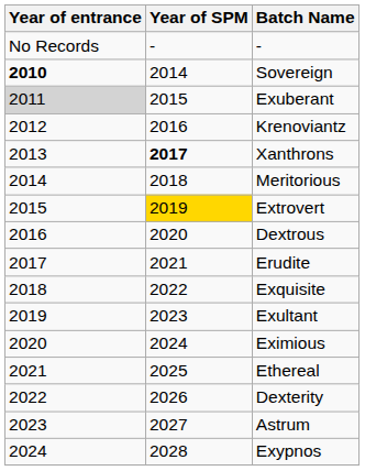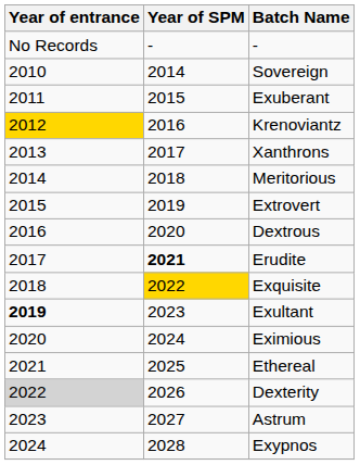 <table class="wikitable">
 <tr>
 <th>Year of entrance</th>
 <th>Year of SPM</th>
 <th>Batch Name</th>
 </tr>
 <tr>
 <td>No Records</td>
 <td>-</td>
 <td>-</td>
 </tr>
 <tr>
-<td><strong>2010</strong></td>
+<td>2010</td>
 <td>2014</td>
 <td>Sovereign</td>
 </tr>
 <tr>
-<td style="background: lightgrey;">2011</td>
+<td>2011</td>
 <td>2015</td>
 <td>Exuberant</td>
 </tr>
 <tr>
-<td>2012</td>
+<td style="background: gold;">2012</td>
 <td>2016</td>
 <td>Krenoviantz</td>
 </tr>
 <tr>
 <td>2013</td>
-<td><strong>2017</strong></td>
+<td>2017</td>
 <td>Xanthrons</td>
 </tr>
 <tr>
 <td>2014</td>
 <td>2018</td>
 <td>Meritorious</td>
 </tr>
 <tr>
 <td>2015</td>
-<td style="background: gold;">2019</td>
+<td>2019</td>
 <td>Extrovert</td>
 </tr>
 <tr>
 <td>2016</td>
 <td>2020</td>
 <td>Dextrous</td>
 </tr>
 <tr>
 <td>2017</td>
-<td>2021</td>
+<td><strong>2021</strong></td>
 <td>Erudite</td>
 </tr>
 <tr>
 <td>2018</td>
-<td>2022</td>
+<td style="background: gold;">2022</td>
 <td>Exquisite</td>
 </tr>
 <tr>
-<td>2019</td>
+<td><strong>2019</strong></td>
 <td>2023</td>
 <td>Exultant</td>
 </tr>
 <tr>
 <td>2020</td>
 <td>2024</td>
 <td>Eximious</td>
 </tr>
 <tr>
 <td>2021</td>
 <td>2025</td>
 <td>Ethereal</td>
 </tr>
 <tr>
-<td>2022</td>
+<td style="background: lightgrey;">2022</td>
 <td>2026</td>
 <td>Dexterity</td>
 </tr>
 <tr>
 <td>2023</td>
 <td>2027</td>
 <td>Astrum</td>
 </tr>
 <tr>
 <td>2024</td>
 <td>2028</td>
 <td>Exypnos</td>
 </tr>
 <tr>
 </tr>
 </table>
